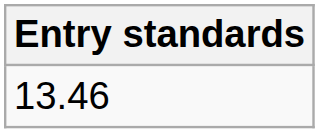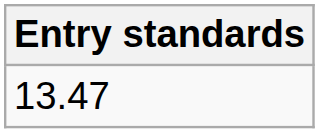 <table class="wikitable" border="1" align="upright">
 <tr>
 <th>Entry standards</th>
 </tr>
 <tr>
-<td>13.46</td>
+<td>13.47</td>
 </tr>
 </table>
